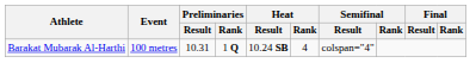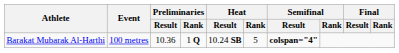 <table class="wikitable" style="font-size:90%">
 <tr>
 <th rowspan="2">Athlete</th>
 <th rowspan="2">Event</th>
 <th colspan="2">Preliminaries</th>
 <th colspan="2">Heat</th>
 <th colspan="2">Semifinal</th>
 <th colspan="2">Final</th>
 </tr>
 <tr style="font-size:95%">
 <th>Result</th>
 <th>Rank</th>
 <th>Result</th>
 <th>Rank</th>
 <th>Result</th>
 <th>Rank</th>
 <th>Result</th>
 <th>Rank</th>
 </tr>
 <tr style=text-align:center>
 <td style=text-align:left><a href='#'>Barakat Mubarak Al-Harthi</a></td>
 <td style=text-align:left><a href='#'>100 metres</a></td>
-<td>10.31</td>
+<td>10.36</td>
 <td>1 <strong>Q</strong></td>
 <td>10.24 <strong>SB</strong></td>
-<td>4</td>
-<td>colspan="4" </td>
+<td>5</td>
+<td><strong>colspan="4" </strong></td>
 </tr>
 </table>
